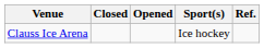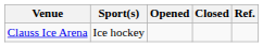 <table class="wikitable"; style= "text-align: ">
 <tr>
 <th width=px>Venue</th>
+<th width=px>Sport(s)</th>
+<th width=px>Opened</th>
 <th width=px>Closed</th>
-<th width=px>Opened</th>
-<th width=px>Sport(s)</th>
 <th width=px>Ref.</th>
 </tr>
 <tr>
 <td><a href='#'>Clauss Ice Arena</a></td>
+<td>Ice hockey</td>
 <td></td>
 <td></td>
-<td>Ice hockey</td>
 <td></td>
 </tr>
 </table>
